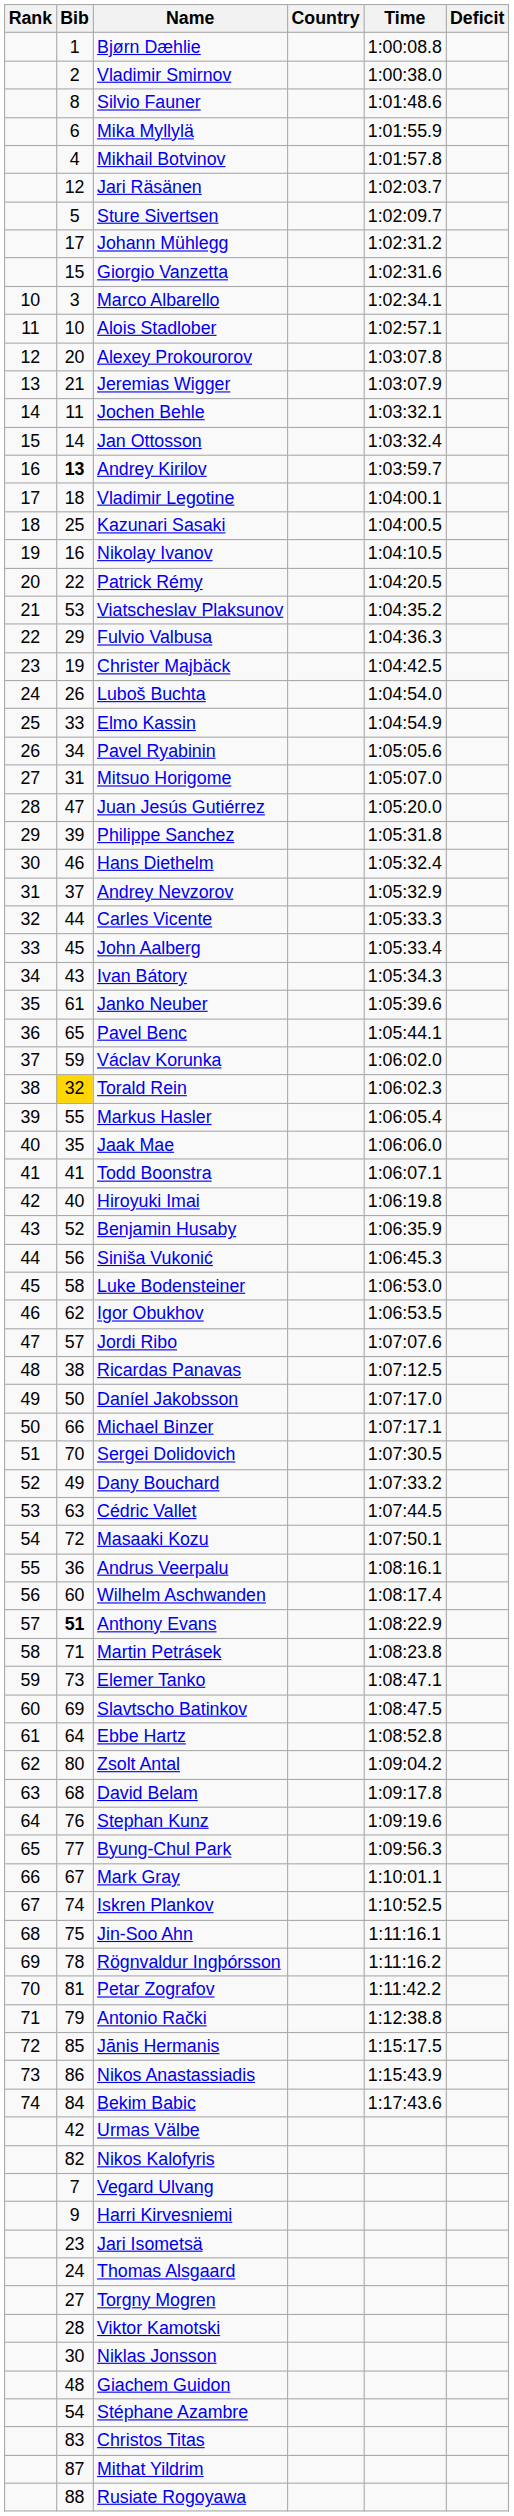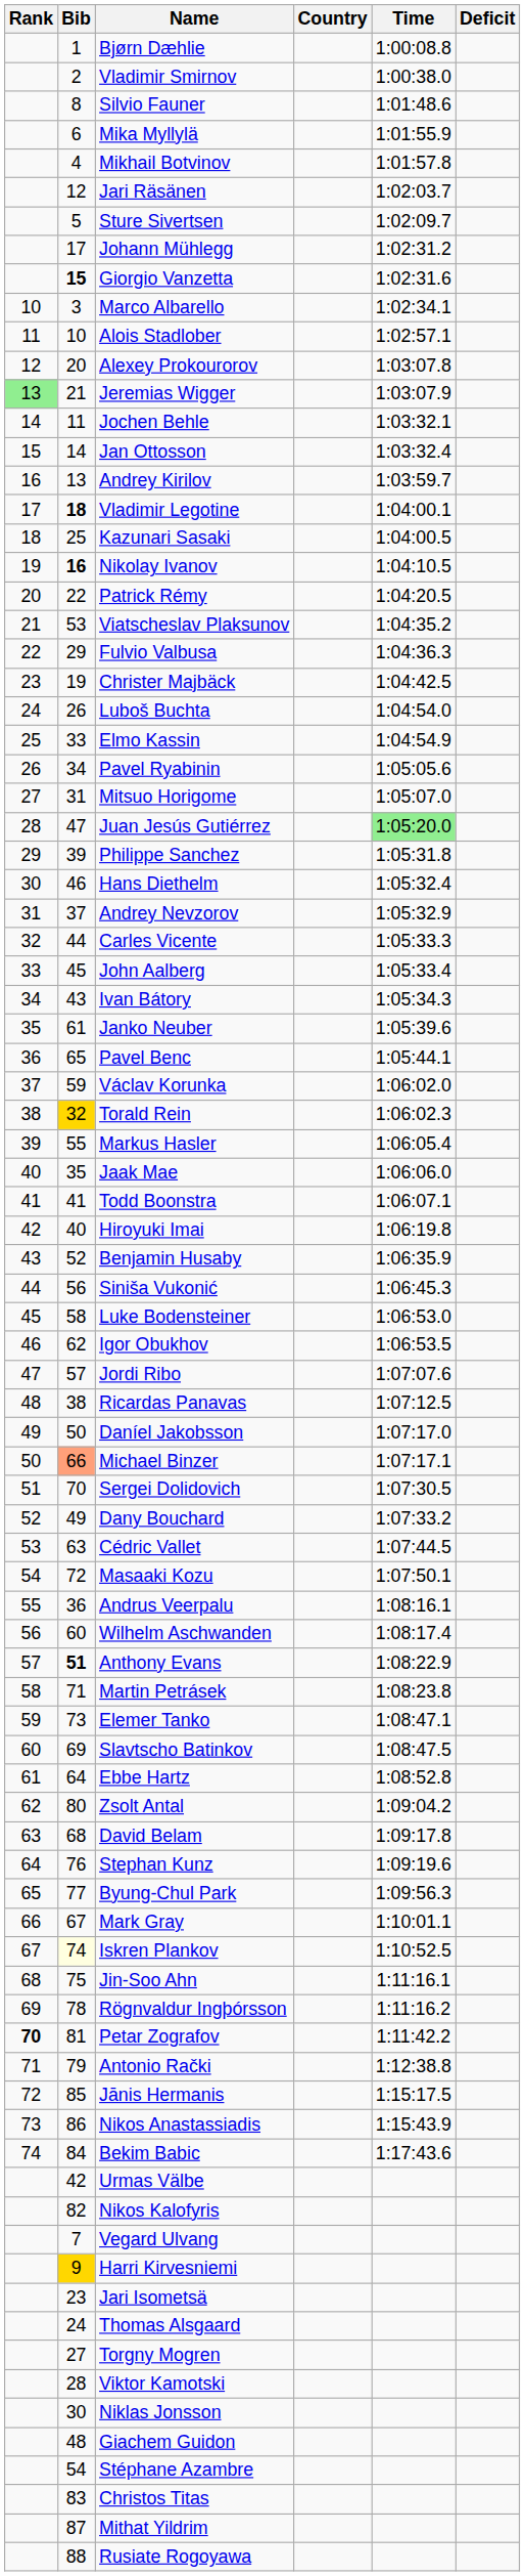 <table class="wikitable sortable" style="text-align:center">
 <tr>
 <th>Rank</th>
 <th>Bib</th>
 <th>Name</th>
 <th>Country</th>
 <th>Time</th>
 <th>Deficit</th>
 </tr>
 <tr>
 <td></td>
 <td>1</td>
 <td align="left"><a href='#'>Bjørn Dæhlie</a></td>
 <td align="left"></td>
 <td>1:00:08.8</td>
 <td></td>
 </tr>
 <tr>
 <td></td>
 <td>2</td>
 <td align="left"><a href='#'>Vladimir Smirnov</a></td>
 <td align="left"></td>
 <td>1:00:38.0</td>
 <td align=right></td>
 </tr>
 <tr>
 <td></td>
 <td>8</td>
 <td align="left"><a href='#'>Silvio Fauner</a></td>
 <td align="left"></td>
 <td>1:01:48.6</td>
 <td align=right></td>
 </tr>
 <tr>
 <td></td>
 <td>6</td>
 <td align="left"><a href='#'>Mika Myllylä</a></td>
 <td align="left"></td>
 <td>1:01:55.9</td>
 <td align=right></td>
 </tr>
 <tr>
 <td></td>
 <td>4</td>
 <td align="left"><a href='#'>Mikhail Botvinov</a></td>
 <td align="left"></td>
 <td>1:01:57.8</td>
 <td align=right></td>
 </tr>
 <tr>
 <td></td>
 <td>12</td>
 <td align="left"><a href='#'>Jari Räsänen</a></td>
 <td align="left"></td>
 <td>1:02:03.7</td>
 <td align=right></td>
 </tr>
 <tr>
 <td></td>
 <td>5</td>
 <td align="left"><a href='#'>Sture Sivertsen</a></td>
 <td align="left"></td>
 <td>1:02:09.7</td>
 <td align=right></td>
 </tr>
 <tr>
 <td></td>
 <td>17</td>
 <td align="left"><a href='#'>Johann Mühlegg</a></td>
 <td align="left"></td>
 <td>1:02:31.2</td>
 <td align=right></td>
 </tr>
 <tr>
 <td></td>
-<td>15</td>
+<td><strong>15</strong></td>
 <td align="left"><a href='#'>Giorgio Vanzetta</a></td>
 <td align="left"></td>
 <td>1:02:31.6</td>
 <td align=right></td>
 </tr>
 <tr>
 <td>10</td>
 <td>3</td>
 <td align="left"><a href='#'>Marco Albarello</a></td>
 <td align="left"></td>
 <td>1:02:34.1</td>
 <td align=right></td>
 </tr>
 <tr>
 <td>11</td>
 <td>10</td>
 <td align="left"><a href='#'>Alois Stadlober</a></td>
 <td align="left"></td>
 <td>1:02:57.1</td>
 <td align=right></td>
 </tr>
 <tr>
 <td>12</td>
 <td>20</td>
 <td align="left"><a href='#'>Alexey Prokourorov</a></td>
 <td align="left"></td>
 <td>1:03:07.8</td>
 <td align=right></td>
 </tr>
 <tr>
-<td>13</td>
+<td style="background: lightgreen;">13</td>
 <td>21</td>
 <td align="left"><a href='#'>Jeremias Wigger</a></td>
 <td align="left"></td>
 <td>1:03:07.9</td>
 <td align=right></td>
 </tr>
 <tr>
 <td>14</td>
 <td>11</td>
 <td align="left"><a href='#'>Jochen Behle</a></td>
 <td align="left"></td>
 <td>1:03:32.1</td>
 <td align=right></td>
 </tr>
 <tr>
 <td>15</td>
 <td>14</td>
 <td align="left"><a href='#'>Jan Ottosson</a></td>
 <td align="left"></td>
 <td>1:03:32.4</td>
 <td align=right></td>
 </tr>
 <tr>
 <td>16</td>
-<td><strong>13</strong></td>
+<td>13</td>
 <td align="left"><a href='#'>Andrey Kirilov</a></td>
 <td align="left"></td>
 <td>1:03:59.7</td>
 <td align=right></td>
 </tr>
 <tr>
 <td>17</td>
-<td>18</td>
+<td><strong>18</strong></td>
 <td align="left"><a href='#'>Vladimir Legotine</a></td>
 <td align="left"></td>
 <td>1:04:00.1</td>
 <td align=right></td>
 </tr>
 <tr>
 <td>18</td>
 <td>25</td>
 <td align="left"><a href='#'>Kazunari Sasaki</a></td>
 <td align="left"></td>
 <td>1:04:00.5</td>
 <td align=right></td>
 </tr>
 <tr>
 <td>19</td>
-<td>16</td>
+<td><strong>16</strong></td>
 <td align="left"><a href='#'>Nikolay Ivanov</a></td>
 <td align="left"></td>
 <td>1:04:10.5</td>
 <td align=right></td>
 </tr>
 <tr>
 <td>20</td>
 <td>22</td>
 <td align="left"><a href='#'>Patrick Rémy</a></td>
 <td align="left"></td>
 <td>1:04:20.5</td>
 <td align=right></td>
 </tr>
 <tr>
 <td>21</td>
 <td>53</td>
 <td align="left"><a href='#'>Viatscheslav Plaksunov</a></td>
 <td align="left"></td>
 <td>1:04:35.2</td>
 <td align=right></td>
 </tr>
 <tr>
 <td>22</td>
 <td>29</td>
 <td align="left"><a href='#'>Fulvio Valbusa</a></td>
 <td align="left"></td>
 <td>1:04:36.3</td>
 <td align=right></td>
 </tr>
 <tr>
 <td>23</td>
 <td>19</td>
 <td align="left"><a href='#'>Christer Majbäck</a></td>
 <td align="left"></td>
 <td>1:04:42.5</td>
 <td align=right></td>
 </tr>
 <tr>
 <td>24</td>
 <td>26</td>
 <td align="left"><a href='#'>Luboš Buchta</a></td>
 <td align="left"></td>
 <td>1:04:54.0</td>
 <td align=right></td>
 </tr>
 <tr>
 <td>25</td>
 <td>33</td>
 <td align="left"><a href='#'>Elmo Kassin</a></td>
 <td align="left"></td>
 <td>1:04:54.9</td>
 <td align=right></td>
 </tr>
 <tr>
 <td>26</td>
 <td>34</td>
 <td align="left"><a href='#'>Pavel Ryabinin</a></td>
 <td align="left"></td>
 <td>1:05:05.6</td>
 <td align=right></td>
 </tr>
 <tr>
 <td>27</td>
 <td>31</td>
 <td align="left"><a href='#'>Mitsuo Horigome</a></td>
 <td align="left"></td>
 <td>1:05:07.0</td>
 <td align=right></td>
 </tr>
 <tr>
 <td>28</td>
 <td>47</td>
 <td align="left"><a href='#'>Juan Jesús Gutiérrez</a></td>
 <td align="left"></td>
-<td>1:05:20.0</td>
+<td style="background: lightgreen;">1:05:20.0</td>
 <td align=right></td>
 </tr>
 <tr>
 <td>29</td>
 <td>39</td>
 <td align="left"><a href='#'>Philippe Sanchez</a></td>
 <td align="left"></td>
 <td>1:05:31.8</td>
 <td align=right></td>
 </tr>
 <tr>
 <td>30</td>
 <td>46</td>
 <td align="left"><a href='#'>Hans Diethelm</a></td>
 <td align="left"></td>
 <td>1:05:32.4</td>
 <td align=right></td>
 </tr>
 <tr>
 <td>31</td>
 <td>37</td>
 <td align="left"><a href='#'>Andrey Nevzorov</a></td>
 <td align="left"></td>
 <td>1:05:32.9</td>
 <td align=right></td>
 </tr>
 <tr>
 <td>32</td>
 <td>44</td>
 <td align="left"><a href='#'>Carles Vicente</a></td>
 <td align="left"></td>
 <td>1:05:33.3</td>
 <td align=right></td>
 </tr>
 <tr>
 <td>33</td>
 <td>45</td>
 <td align="left"><a href='#'>John Aalberg</a></td>
 <td align="left"></td>
 <td>1:05:33.4</td>
 <td align=right></td>
 </tr>
 <tr>
 <td>34</td>
 <td>43</td>
 <td align="left"><a href='#'>Ivan Bátory</a></td>
 <td align="left"></td>
 <td>1:05:34.3</td>
 <td align=right></td>
 </tr>
 <tr>
 <td>35</td>
 <td>61</td>
 <td align="left"><a href='#'>Janko Neuber</a></td>
 <td align="left"></td>
 <td>1:05:39.6</td>
 <td align=right></td>
 </tr>
 <tr>
 <td>36</td>
 <td>65</td>
 <td align="left"><a href='#'>Pavel Benc</a></td>
 <td align="left"></td>
 <td>1:05:44.1</td>
 <td align=right></td>
 </tr>
 <tr>
 <td>37</td>
 <td>59</td>
 <td align="left"><a href='#'>Václav Korunka</a></td>
 <td align="left"></td>
 <td>1:06:02.0</td>
 <td align=right></td>
 </tr>
 <tr>
 <td>38</td>
 <td style="background: gold;">32</td>
 <td align="left"><a href='#'>Torald Rein</a></td>
 <td align="left"></td>
 <td>1:06:02.3</td>
 <td align=right></td>
 </tr>
 <tr>
 <td>39</td>
 <td>55</td>
 <td align="left"><a href='#'>Markus Hasler</a></td>
 <td align="left"></td>
 <td>1:06:05.4</td>
 <td align=right></td>
 </tr>
 <tr>
 <td>40</td>
 <td>35</td>
 <td align="left"><a href='#'>Jaak Mae</a></td>
 <td align="left"></td>
 <td>1:06:06.0</td>
 <td align=right></td>
 </tr>
 <tr>
 <td>41</td>
 <td>41</td>
 <td align="left"><a href='#'>Todd Boonstra</a></td>
 <td align="left"></td>
 <td>1:06:07.1</td>
 <td align=right></td>
 </tr>
 <tr>
 <td>42</td>
 <td>40</td>
 <td align="left"><a href='#'>Hiroyuki Imai</a></td>
 <td align="left"></td>
 <td>1:06:19.8</td>
 <td align=right></td>
 </tr>
 <tr>
 <td>43</td>
 <td>52</td>
 <td align="left"><a href='#'>Benjamin Husaby</a></td>
 <td align="left"></td>
 <td>1:06:35.9</td>
 <td align=right></td>
 </tr>
 <tr>
 <td>44</td>
 <td>56</td>
 <td align="left"><a href='#'>Siniša Vukonić</a></td>
 <td align="left"></td>
 <td>1:06:45.3</td>
 <td align=right></td>
 </tr>
 <tr>
 <td>45</td>
 <td>58</td>
 <td align="left"><a href='#'>Luke Bodensteiner</a></td>
 <td align="left"></td>
 <td>1:06:53.0</td>
 <td align=right></td>
 </tr>
 <tr>
 <td>46</td>
 <td>62</td>
 <td align="left"><a href='#'>Igor Obukhov</a></td>
 <td align="left"></td>
 <td>1:06:53.5</td>
 <td align=right></td>
 </tr>
 <tr>
 <td>47</td>
 <td>57</td>
 <td align="left"><a href='#'>Jordi Ribo</a></td>
 <td align="left"></td>
 <td>1:07:07.6</td>
 <td align=right></td>
 </tr>
 <tr>
 <td>48</td>
 <td>38</td>
 <td align="left"><a href='#'>Ricardas Panavas</a></td>
 <td align="left"></td>
 <td>1:07:12.5</td>
 <td align=right></td>
 </tr>
 <tr>
 <td>49</td>
 <td>50</td>
 <td align="left"><a href='#'>Daníel Jakobsson</a></td>
 <td align="left"></td>
 <td>1:07:17.0</td>
 <td align=right></td>
 </tr>
 <tr>
 <td>50</td>
-<td>66</td>
+<td style="background: lightsalmon;">66</td>
 <td align="left"><a href='#'>Michael Binzer</a></td>
 <td align="left"></td>
 <td>1:07:17.1</td>
 <td align=right></td>
 </tr>
 <tr>
 <td>51</td>
 <td>70</td>
 <td align="left"><a href='#'>Sergei Dolidovich</a></td>
 <td align="left"></td>
 <td>1:07:30.5</td>
 <td align=right></td>
 </tr>
 <tr>
 <td>52</td>
 <td>49</td>
 <td align="left"><a href='#'>Dany Bouchard</a></td>
 <td align="left"></td>
 <td>1:07:33.2</td>
 <td align=right></td>
 </tr>
 <tr>
 <td>53</td>
 <td>63</td>
 <td align="left"><a href='#'>Cédric Vallet</a></td>
 <td align="left"></td>
 <td>1:07:44.5</td>
 <td align=right></td>
 </tr>
 <tr>
 <td>54</td>
 <td>72</td>
 <td align="left"><a href='#'>Masaaki Kozu</a></td>
 <td align="left"></td>
 <td>1:07:50.1</td>
 <td align=right></td>
 </tr>
 <tr>
 <td>55</td>
 <td>36</td>
 <td align="left"><a href='#'>Andrus Veerpalu</a></td>
 <td align="left"></td>
 <td>1:08:16.1</td>
 <td align=right></td>
 </tr>
 <tr>
 <td>56</td>
 <td>60</td>
 <td align="left"><a href='#'>Wilhelm Aschwanden</a></td>
 <td align="left"></td>
 <td>1:08:17.4</td>
 <td align=right></td>
 </tr>
 <tr>
 <td>57</td>
 <td><strong>51</strong></td>
 <td align="left"><a href='#'>Anthony Evans</a></td>
 <td align="left"></td>
 <td>1:08:22.9</td>
 <td align=right></td>
 </tr>
 <tr>
 <td>58</td>
 <td>71</td>
 <td align="left"><a href='#'>Martin Petrásek</a></td>
 <td align="left"></td>
 <td>1:08:23.8</td>
 <td align=right></td>
 </tr>
 <tr>
 <td>59</td>
 <td>73</td>
 <td align="left"><a href='#'>Elemer Tanko</a></td>
 <td align="left"></td>
 <td>1:08:47.1</td>
 <td align=right></td>
 </tr>
 <tr>
 <td>60</td>
 <td>69</td>
 <td align="left"><a href='#'>Slavtscho Batinkov</a></td>
 <td align="left"></td>
 <td>1:08:47.5</td>
 <td align=right></td>
 </tr>
 <tr>
 <td>61</td>
 <td>64</td>
 <td align="left"><a href='#'>Ebbe Hartz</a></td>
 <td align="left"></td>
 <td>1:08:52.8</td>
 <td align=right></td>
 </tr>
 <tr>
 <td>62</td>
 <td>80</td>
 <td align="left"><a href='#'>Zsolt Antal</a></td>
 <td align="left"></td>
 <td>1:09:04.2</td>
 <td align=right></td>
 </tr>
 <tr>
 <td>63</td>
 <td>68</td>
 <td align="left"><a href='#'>David Belam</a></td>
 <td align="left"></td>
 <td>1:09:17.8</td>
 <td align=right></td>
 </tr>
 <tr>
 <td>64</td>
 <td>76</td>
 <td align="left"><a href='#'>Stephan Kunz</a></td>
 <td align="left"></td>
 <td>1:09:19.6</td>
 <td align=right></td>
 </tr>
 <tr>
 <td>65</td>
 <td>77</td>
 <td align="left"><a href='#'>Byung-Chul Park</a></td>
 <td align="left"></td>
 <td>1:09:56.3</td>
 <td align=right></td>
 </tr>
 <tr>
 <td>66</td>
 <td>67</td>
 <td align="left"><a href='#'>Mark Gray</a></td>
 <td align="left"></td>
 <td>1:10:01.1</td>
 <td align=right></td>
 </tr>
 <tr>
 <td>67</td>
-<td>74</td>
+<td style="background: lightyellow;">74</td>
 <td align="left"><a href='#'>Iskren Plankov</a></td>
 <td align="left"></td>
 <td>1:10:52.5</td>
 <td align=right></td>
 </tr>
 <tr>
 <td>68</td>
 <td>75</td>
 <td align="left"><a href='#'>Jin-Soo Ahn</a></td>
 <td align="left"></td>
 <td>1:11:16.1</td>
 <td align=right></td>
 </tr>
 <tr>
 <td>69</td>
 <td>78</td>
 <td align="left"><a href='#'>Rögnvaldur Ingþórsson</a></td>
 <td align="left"></td>
 <td>1:11:16.2</td>
 <td align=right></td>
 </tr>
 <tr>
-<td>70</td>
+<td><strong>70</strong></td>
 <td>81</td>
 <td align="left"><a href='#'>Petar Zografov</a></td>
 <td align="left"></td>
 <td>1:11:42.2</td>
 <td align=right></td>
 </tr>
 <tr>
 <td>71</td>
 <td>79</td>
 <td align="left"><a href='#'>Antonio Rački</a></td>
 <td align="left"></td>
 <td>1:12:38.8</td>
 <td align=right></td>
 </tr>
 <tr>
 <td>72</td>
 <td>85</td>
 <td align="left"><a href='#'>Jānis Hermanis</a></td>
 <td align="left"></td>
 <td>1:15:17.5</td>
 <td align=right></td>
 </tr>
 <tr>
 <td>73</td>
 <td>86</td>
 <td align="left"><a href='#'>Nikos Anastassiadis</a></td>
 <td align="left"></td>
 <td>1:15:43.9</td>
 <td align=right></td>
 </tr>
 <tr>
 <td>74</td>
 <td>84</td>
 <td align="left"><a href='#'>Bekim Babic</a></td>
 <td align="left"></td>
 <td>1:17:43.6</td>
 <td></td>
 </tr>
 <tr>
 <td></td>
 <td>42</td>
 <td align="left"><a href='#'>Urmas Välbe</a></td>
 <td align="left"></td>
 <td></td>
 <td></td>
 </tr>
 <tr>
 <td></td>
 <td>82</td>
 <td align="left"><a href='#'>Nikos Kalofyris</a></td>
 <td align="left"></td>
 <td></td>
 <td></td>
 </tr>
 <tr>
 <td></td>
 <td>7</td>
 <td align="left"><a href='#'>Vegard Ulvang</a></td>
 <td align="left"></td>
 <td></td>
 <td></td>
 </tr>
 <tr>
 <td></td>
-<td>9</td>
+<td style="background: gold;">9</td>
 <td align="left"><a href='#'>Harri Kirvesniemi</a></td>
 <td align="left"></td>
 <td></td>
 <td></td>
 </tr>
 <tr>
 <td></td>
 <td>23</td>
 <td align="left"><a href='#'>Jari Isometsä</a></td>
 <td align="left"></td>
 <td></td>
 <td></td>
 </tr>
 <tr>
 <td></td>
 <td>24</td>
 <td align="left"><a href='#'>Thomas Alsgaard</a></td>
 <td align="left"></td>
 <td></td>
 <td></td>
 </tr>
 <tr>
 <td></td>
 <td>27</td>
 <td align="left"><a href='#'>Torgny Mogren</a></td>
 <td align="left"></td>
 <td></td>
 <td></td>
 </tr>
 <tr>
 <td></td>
 <td>28</td>
 <td align="left"><a href='#'>Viktor Kamotski</a></td>
 <td align="left"></td>
 <td></td>
 <td></td>
 </tr>
 <tr>
 <td></td>
 <td>30</td>
 <td align="left"><a href='#'>Niklas Jonsson</a></td>
 <td align="left"></td>
 <td></td>
 <td></td>
 </tr>
 <tr>
 <td></td>
 <td>48</td>
 <td align="left"><a href='#'>Giachem Guidon</a></td>
 <td align="left"></td>
 <td></td>
 <td></td>
 </tr>
 <tr>
 <td></td>
 <td>54</td>
 <td align="left"><a href='#'>Stéphane Azambre</a></td>
 <td align="left"></td>
 <td></td>
 <td></td>
 </tr>
 <tr>
 <td></td>
 <td>83</td>
 <td align="left"><a href='#'>Christos Titas</a></td>
 <td align="left"></td>
 <td></td>
 <td></td>
 </tr>
 <tr>
 <td></td>
 <td>87</td>
 <td align="left"><a href='#'>Mithat Yildrim</a></td>
 <td align="left"></td>
 <td></td>
 <td></td>
 </tr>
 <tr>
 <td></td>
 <td>88</td>
 <td align="left"><a href='#'>Rusiate Rogoyawa</a></td>
 <td align="left"></td>
 <td></td>
 <td></td>
 </tr>
 </table>
